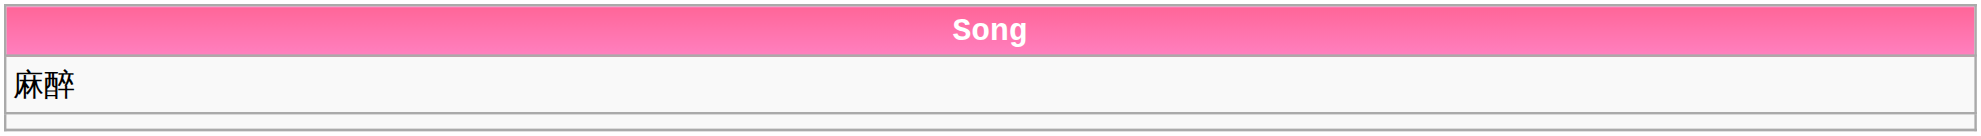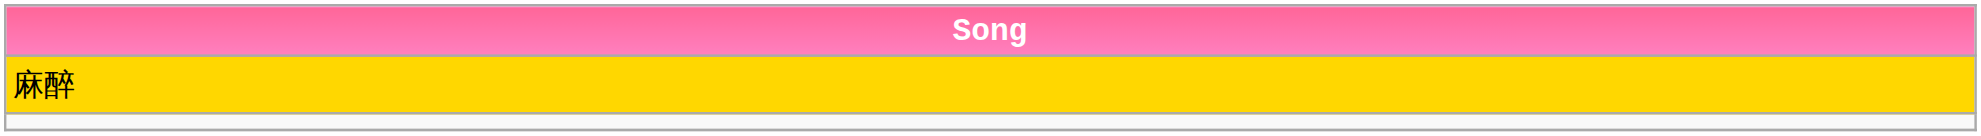 <table class=wikitable width=65%>
 <tr>
 <th style="background:linear-gradient(#FF6699, #FF80BF); color:white" align="center" width="21%">Song</th>
 </tr>
 <tr>
-<td>麻醉</td>
+<td style="background: gold;">麻醉</td>
 </tr>
 <tr>
 <td></td>
 </tr>
 <tr>
 </tr>
 </table>
